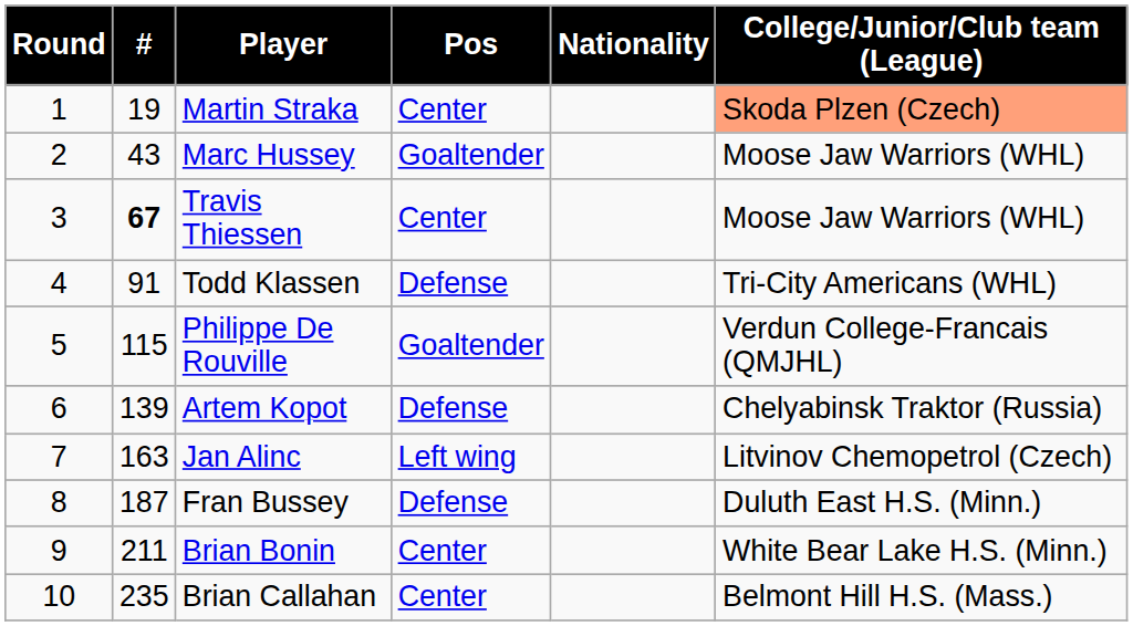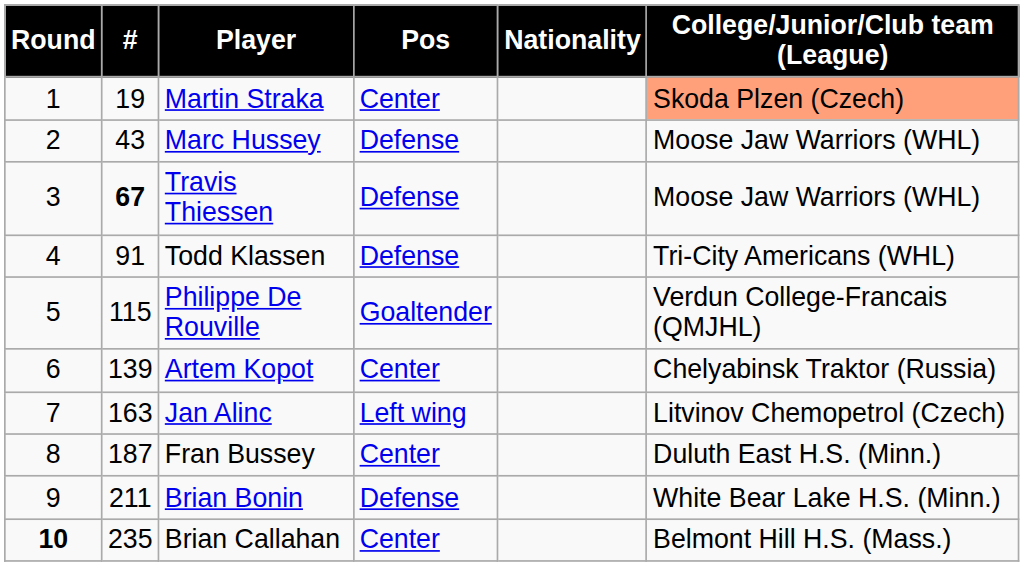 <table class="wikitable">
 <tr>
 <th style="color:white; background:#000000; ">Round</th>
 <th style="color:white; background:#000000; ">#</th>
 <th style="color:white; background:#000000; ">Player</th>
 <th style="color:white; background:#000000; ">Pos</th>
 <th style="color:white; background:#000000; ">Nationality</th>
 <th style="color:white; background:#000000; ">College/Junior/Club team (League)</th>
 </tr>
 <tr>
 <td align=center>1</td>
 <td align=center>19</td>
 <td><a href='#'>Martin Straka</a></td>
 <td><a href='#'>Center</a></td>
 <td></td>
 <td style="background: lightsalmon;">Skoda Plzen (Czech)</td>
 </tr>
 <tr>
 <td align=center>2</td>
 <td align=center>43</td>
 <td><a href='#'>Marc Hussey</a></td>
-<td><a href='#'>Goaltender</a></td>
+<td><a href='#'>Defense</a></td>
 <td></td>
 <td>Moose Jaw Warriors (WHL)</td>
 </tr>
 <tr>
 <td align=center>3</td>
 <td align=center><strong>67</strong></td>
 <td><a href='#'>Travis Thiessen</a></td>
-<td><a href='#'>Center</a></td>
+<td><a href='#'>Defense</a></td>
 <td></td>
 <td>Moose Jaw Warriors (WHL)</td>
 </tr>
 <tr>
 <td align=center>4</td>
 <td align=center>91</td>
 <td>Todd Klassen</td>
 <td><a href='#'>Defense</a></td>
 <td></td>
 <td>Tri-City Americans (WHL)</td>
 </tr>
 <tr>
 <td align=center>5</td>
 <td align=center>115</td>
 <td><a href='#'>Philippe De Rouville</a></td>
 <td><a href='#'>Goaltender</a></td>
 <td></td>
 <td>Verdun College-Francais (QMJHL)</td>
 </tr>
 <tr>
 <td align=center>6</td>
 <td align=center>139</td>
 <td><a href='#'>Artem Kopot</a></td>
-<td><a href='#'>Defense</a></td>
+<td><a href='#'>Center</a></td>
 <td></td>
 <td>Chelyabinsk Traktor (Russia)</td>
 </tr>
 <tr>
 <td align=center>7</td>
 <td align=center>163</td>
 <td><a href='#'>Jan Alinc</a></td>
 <td><a href='#'>Left wing</a></td>
 <td></td>
 <td>Litvinov Chemopetrol (Czech)</td>
 </tr>
 <tr>
 <td align=center>8</td>
 <td align=center>187</td>
 <td>Fran Bussey</td>
-<td><a href='#'>Defense</a></td>
+<td><a href='#'>Center</a></td>
 <td></td>
 <td>Duluth East H.S. (Minn.)</td>
 </tr>
 <tr>
 <td align=center>9</td>
 <td align=center>211</td>
 <td><a href='#'>Brian Bonin</a></td>
-<td><a href='#'>Center</a></td>
+<td><a href='#'>Defense</a></td>
 <td></td>
 <td>White Bear Lake H.S. (Minn.)</td>
 </tr>
 <tr>
-<td align=center>10</td>
+<td align=center><strong>10</strong></td>
 <td align=center>235</td>
 <td>Brian Callahan</td>
 <td><a href='#'>Center</a></td>
 <td></td>
 <td>Belmont Hill H.S. (Mass.)</td>
 </tr>
 </table>
